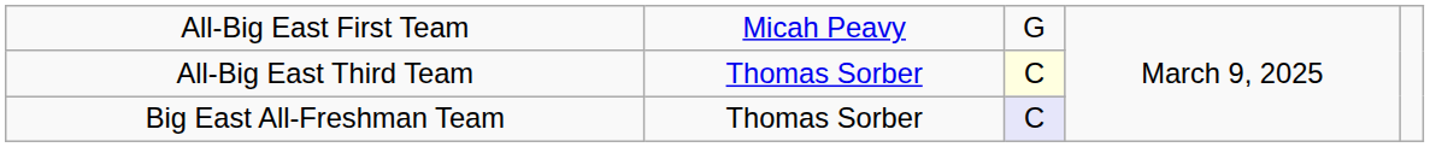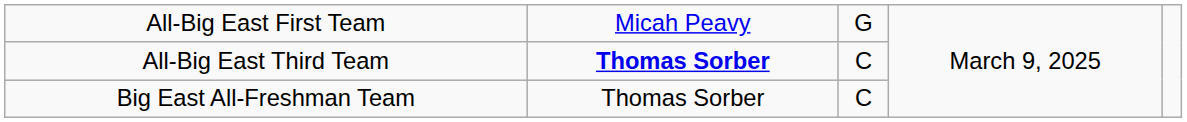 <table class="wikitable" style="width: 90%;text-align: center;">
 <tr align="center">
 <td rowspan="1">All-Big East First Team</td>
 <td><a href='#'>Micah Peavy</a></td>
 <td>G</td>
 <td rowspan="3">March 9, 2025</td>
 <td rowspan="3"></td>
 </tr>
 <tr align="center">
 <td rowspan="1">All-Big East Third Team</td>
-<td><a href='#'>Thomas Sorber</a></td>
-<td style="background: lightyellow;">C</td>
+<td><strong><a href='#'>Thomas Sorber</a></strong></td>
+<td>C</td>
 </tr>
 <tr align="center">
 <td rowspan="1">Big East All-Freshman Team</td>
 <td>Thomas Sorber</td>
-<td style="background: lavender;">C</td>
+<td>C</td>
 </tr>
 </table>
